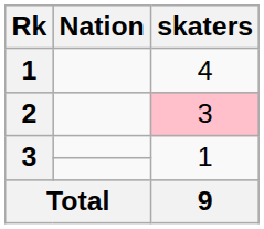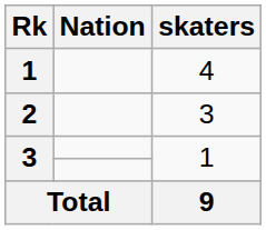 <table class="wikitable sortable" style="text-align: center;">
 <tr>
 <th>Rk</th>
 <th>Nation</th>
 <th>skaters</th>
 </tr>
 <tr>
 <th>1</th>
 <td></td>
 <td>4</td>
 </tr>
 <tr>
 <th>2</th>
 <td></td>
-<td style="background: pink;">3</td>
+<td>3</td>
 </tr>
 <tr>
 <th rowspan="2">3</th>
 <td></td>
 <td rowspan="2">1</td>
 </tr>
 <tr>
 <td></td>
 </tr>
 <tr class="sortbottom">
 <th colspan="2">Total</th>
 <th>9</th>
 </tr>
 </table>
